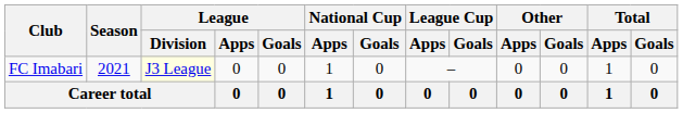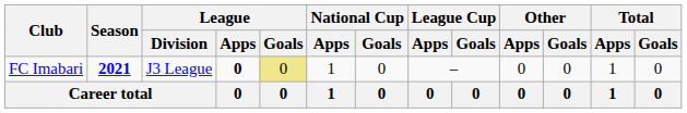 <table class="wikitable" style="text-align: center">
 <tr>
 <th rowspan="2">Club</th>
 <th rowspan="2">Season</th>
 <th colspan="3">League</th>
 <th colspan="2">National Cup</th>
 <th colspan="2">League Cup</th>
 <th colspan="2">Other</th>
 <th colspan="2">Total</th>
 </tr>
 <tr>
 <th>Division</th>
 <th>Apps</th>
 <th>Goals</th>
 <th>Apps</th>
 <th>Goals</th>
 <th>Apps</th>
 <th>Goals</th>
 <th>Apps</th>
 <th>Goals</th>
 <th>Apps</th>
 <th>Goals</th>
 </tr>
 <tr>
 <td><a href='#'>FC Imabari</a></td>
-<td><a href='#'>2021</a></td>
-<td style="background: lightyellow;"><a href='#'>J3 League</a></td>
-<td>0</td>
-<td>0</td>
+<td><strong><a href='#'>2021</a></strong></td>
+<td><a href='#'>J3 League</a></td>
+<td><strong>0</strong></td>
+<td style="background: khaki;">0</td>
 <td>1</td>
 <td>0</td>
 <td colspan="2">–</td>
 <td>0</td>
 <td>0</td>
 <td>1</td>
 <td>0</td>
 </tr>
 <tr>
 <th colspan=3>Career total</th>
 <th>0</th>
 <th>0</th>
 <th>1</th>
 <th>0</th>
 <th>0</th>
 <th>0</th>
 <th>0</th>
 <th>0</th>
 <th>1</th>
 <th>0</th>
 </tr>
 </table>
